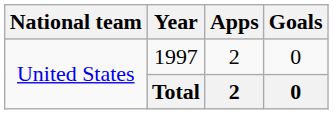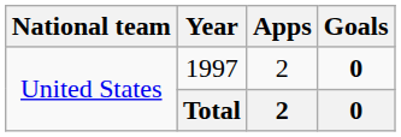 <table class="wikitable" style="text-align:center">
 <tr>
 <th>National team</th>
 <th>Year</th>
 <th>Apps</th>
 <th>Goals</th>
 </tr>
 <tr>
 <td rowspan=2><a href='#'>United States</a></td>
 <td>1997</td>
 <td>2</td>
-<td>0</td>
+<td><strong>0</strong></td>
 </tr>
 <tr>
 <th>Total</th>
 <th>2</th>
 <th>0</th>
 </tr>
 </table>
